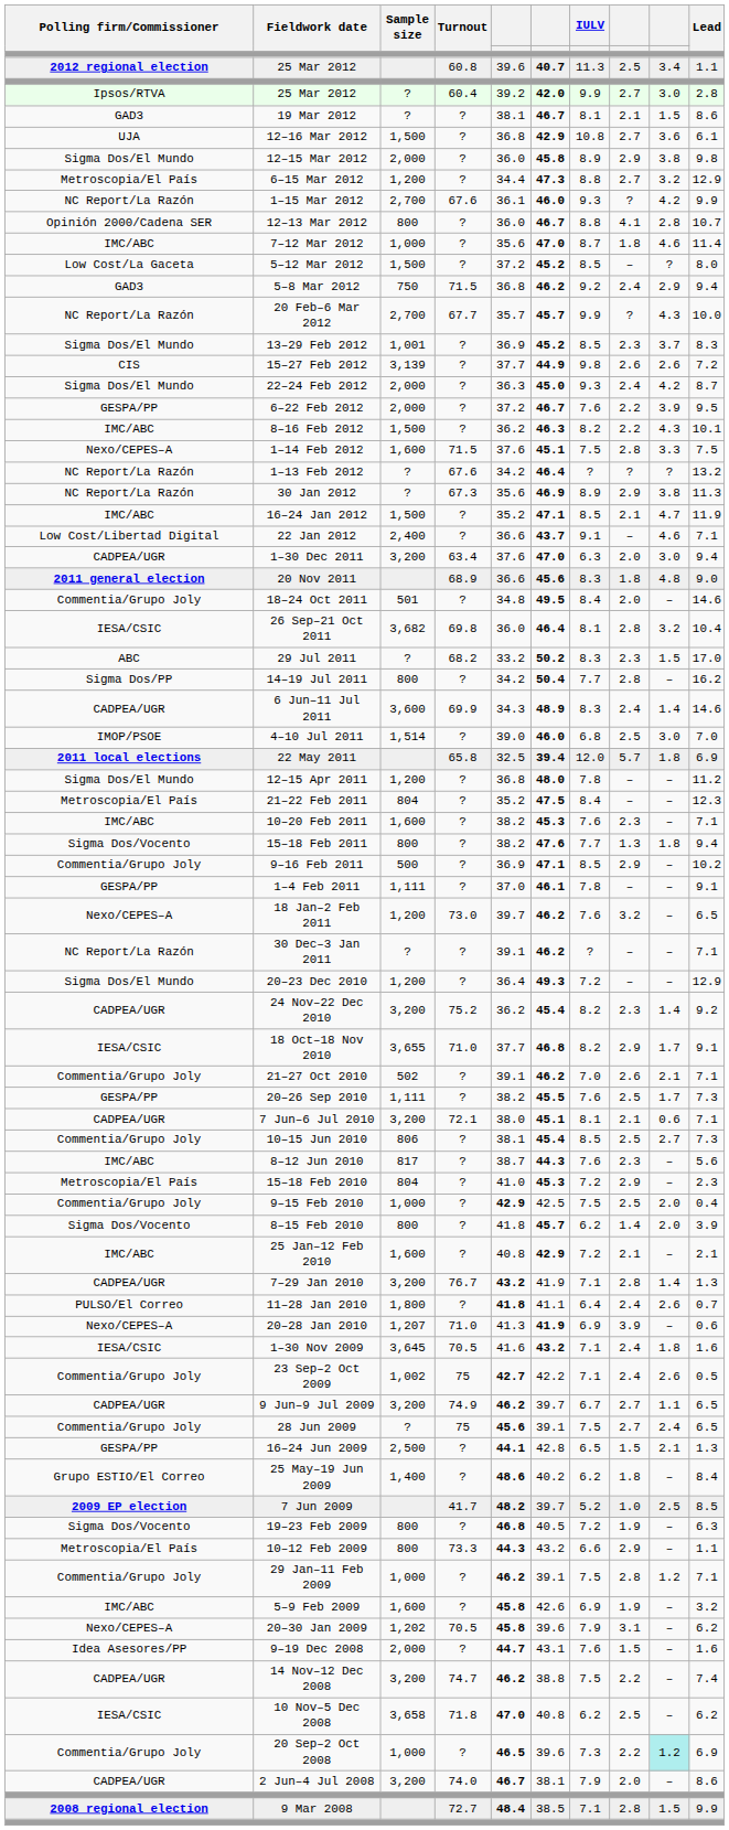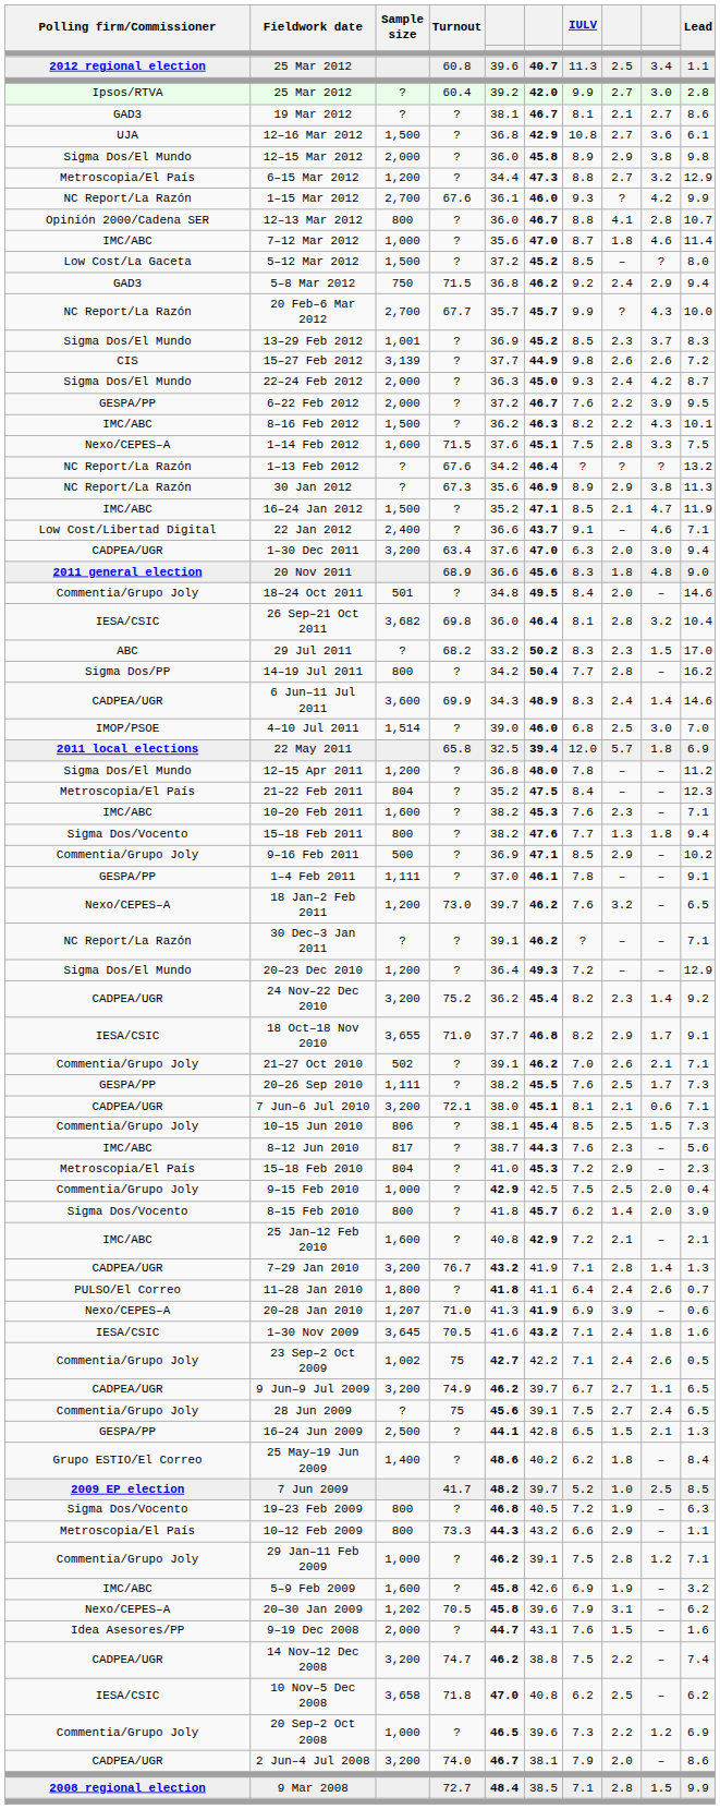 <table class="wikitable collapsible collapsed" style="text-align:center; font-size:95%; line-height:16px;">
 <tr style="height:42px;">
 <th style="width:250px;" rowspan="2">Polling firm/Commissioner</th>
 <th style="width:125px;" rowspan="2">Fieldwork date</th>
 <th style="width:50px;" rowspan="2">Sample size</th>
 <th style="width:45px;" rowspan="2">Turnout</th>
 <th style="width:35px;"></th>
 <th style="width:35px;"></th>
 <th style="width:35px;"><a href='#'>IULV</a></th>
 <th style="width:35px;"></th>
 <th style="width:35px;"></th>
 <th style="width:30px;" rowspan="2">Lead</th>
 </tr>
 <tr>
 <th style="color:inherit;background:"></th>
 <th style="color:inherit;background:"></th>
 <th style="color:inherit;background:"></th>
 <th style="color:inherit;background:"></th>
 <th style="color:inherit;background:"></th>
 </tr>
 <tr>
 <td colspan="10" style="background:#A0A0A0"></td>
 </tr>
 <tr style="background:#EFEFEF;">
 <td><strong><a href='#'>2012 regional election</a></strong></td>
 <td>25 Mar 2012</td>
 <td></td>
 <td>60.8</td>
 <td>39.6<br></td>
 <td><strong>40.7</strong><br></td>
 <td>11.3<br></td>
 <td>2.5<br></td>
 <td>3.4<br></td>
 <td style="background:">1.1</td>
 </tr>
 <tr>
 <td colspan="10" style="background:#A0A0A0"></td>
 </tr>
 <tr style="background:#EAFFEA;">
 <td>Ipsos/RTVA</td>
 <td>25 Mar 2012</td>
 <td>?</td>
 <td>60.4</td>
 <td>39.2<br></td>
 <td><strong>42.0</strong><br></td>
 <td>9.9<br></td>
 <td>2.7<br></td>
 <td>3.0<br></td>
 <td style="background:">2.8</td>
 </tr>
 <tr>
 <td>GAD3</td>
 <td>19 Mar 2012</td>
 <td>?</td>
 <td>?</td>
 <td>38.1<br></td>
 <td><strong>46.7</strong><br></td>
 <td>8.1<br></td>
 <td>2.1<br></td>
-<td>1.5</td>
+<td>2.7<br></td>
 <td style="background:">8.6</td>
 </tr>
 <tr>
 <td>UJA</td>
 <td>12–16 Mar 2012</td>
 <td>1,500</td>
 <td>?</td>
 <td>36.8<br></td>
 <td><strong>42.9</strong><br></td>
 <td>10.8<br></td>
 <td>2.7<br></td>
 <td>3.6<br></td>
 <td style="background:">6.1</td>
 </tr>
 <tr>
 <td>Sigma Dos/El Mundo</td>
 <td>12–15 Mar 2012</td>
 <td>2,000</td>
 <td>?</td>
 <td>36.0<br></td>
 <td><strong>45.8</strong><br></td>
 <td>8.9<br></td>
 <td>2.9<br></td>
 <td>3.8<br></td>
 <td style="background:">9.8</td>
 </tr>
 <tr>
 <td>Metroscopia/El País</td>
 <td>6–15 Mar 2012</td>
 <td>1,200</td>
 <td>?</td>
 <td>34.4<br></td>
 <td><strong>47.3</strong><br></td>
 <td>8.8<br></td>
 <td>2.7<br></td>
 <td>3.2<br></td>
 <td style="background:">12.9</td>
 </tr>
 <tr>
 <td>NC Report/La Razón</td>
 <td>1–15 Mar 2012</td>
 <td>2,700</td>
 <td>67.6</td>
 <td>36.1<br></td>
 <td><strong>46.0</strong><br></td>
 <td>9.3<br></td>
 <td>?<br></td>
 <td>4.2<br></td>
 <td style="background:">9.9</td>
 </tr>
 <tr>
 <td>Opinión 2000/Cadena SER</td>
 <td>12–13 Mar 2012</td>
 <td>800</td>
 <td>?</td>
 <td>36.0</td>
 <td><strong>46.7</strong></td>
 <td>8.8</td>
 <td>4.1</td>
 <td>2.8</td>
 <td style="background:">10.7</td>
 </tr>
 <tr>
 <td>IMC/ABC</td>
 <td>7–12 Mar 2012</td>
 <td>1,000</td>
 <td>?</td>
 <td>35.6<br></td>
 <td><strong>47.0</strong><br></td>
 <td>8.7<br></td>
 <td>1.8<br></td>
 <td>4.6<br></td>
 <td style="background:">11.4</td>
 </tr>
 <tr>
 <td>Low Cost/La Gaceta</td>
 <td>5–12 Mar 2012</td>
 <td>1,500</td>
 <td>?</td>
 <td>37.2<br></td>
 <td><strong>45.2</strong><br></td>
 <td>8.5<br></td>
 <td>–</td>
 <td>?<br></td>
 <td style="background:">8.0</td>
 </tr>
 <tr>
 <td>GAD3</td>
 <td>5–8 Mar 2012</td>
 <td>750</td>
 <td>71.5</td>
 <td>36.8<br></td>
 <td><strong>46.2</strong><br></td>
 <td>9.2<br></td>
 <td>2.4<br></td>
 <td>2.9<br></td>
 <td style="background:">9.4</td>
 </tr>
 <tr>
 <td>NC Report/La Razón</td>
 <td>20 Feb–6 Mar 2012</td>
 <td>2,700</td>
 <td>67.7</td>
 <td>35.7<br></td>
 <td><strong>45.7</strong><br></td>
 <td>9.9<br></td>
 <td>?<br></td>
 <td>4.3<br></td>
 <td style="background:">10.0</td>
 </tr>
 <tr>
 <td>Sigma Dos/El Mundo</td>
 <td>13–29 Feb 2012</td>
 <td>1,001</td>
 <td>?</td>
 <td>36.9<br></td>
 <td><strong>45.2</strong><br></td>
 <td>8.5<br></td>
 <td>2.3<br></td>
 <td>3.7<br></td>
 <td style="background:">8.3</td>
 </tr>
 <tr>
 <td>CIS</td>
 <td>15–27 Feb 2012</td>
 <td>3,139</td>
 <td>?</td>
 <td>37.7<br></td>
 <td><strong>44.9</strong><br></td>
 <td>9.8<br></td>
 <td>2.6<br></td>
 <td>2.6<br></td>
 <td style="background:">7.2</td>
 </tr>
 <tr>
 <td>Sigma Dos/El Mundo</td>
 <td>22–24 Feb 2012</td>
 <td>2,000</td>
 <td>?</td>
 <td>36.3<br></td>
 <td><strong>45.0</strong><br></td>
 <td>9.3<br></td>
 <td>2.4<br></td>
 <td>4.2<br></td>
 <td style="background:">8.7</td>
 </tr>
 <tr>
 <td>GESPA/PP</td>
 <td>6–22 Feb 2012</td>
 <td>2,000</td>
 <td>?</td>
 <td>37.2<br></td>
 <td><strong>46.7</strong><br></td>
 <td>7.6<br></td>
 <td>2.2<br></td>
 <td>3.9<br></td>
 <td style="background:">9.5</td>
 </tr>
 <tr>
 <td>IMC/ABC</td>
 <td>8–16 Feb 2012</td>
 <td>1,500</td>
 <td>?</td>
 <td>36.2<br></td>
 <td><strong>46.3</strong><br></td>
 <td>8.2<br></td>
 <td>2.2<br></td>
 <td>4.3<br></td>
 <td style="background:">10.1</td>
 </tr>
 <tr>
 <td>Nexo/CEPES–A</td>
 <td>1–14 Feb 2012</td>
 <td>1,600</td>
 <td>71.5</td>
 <td>37.6<br></td>
 <td><strong>45.1</strong><br></td>
 <td>7.5<br></td>
 <td>2.8<br></td>
 <td>3.3<br></td>
 <td style="background:">7.5</td>
 </tr>
 <tr>
 <td>NC Report/La Razón</td>
 <td>1–13 Feb 2012</td>
 <td>?</td>
 <td>67.6</td>
 <td>34.2<br></td>
 <td><strong>46.4</strong><br></td>
 <td>?<br></td>
 <td>?<br></td>
 <td>?<br></td>
 <td style="background:">13.2</td>
 </tr>
 <tr>
 <td>NC Report/La Razón</td>
 <td>30 Jan 2012</td>
 <td>?</td>
 <td>67.3</td>
 <td>35.6<br></td>
 <td><strong>46.9</strong><br></td>
 <td>8.9<br></td>
 <td>2.9<br></td>
 <td>3.8<br></td>
 <td style="background:">11.3</td>
 </tr>
 <tr>
 <td>IMC/ABC</td>
 <td>16–24 Jan 2012</td>
 <td>1,500</td>
 <td>?</td>
 <td>35.2</td>
 <td><strong>47.1</strong></td>
 <td>8.5</td>
 <td>2.1</td>
 <td>4.7</td>
 <td style="background:">11.9</td>
 </tr>
 <tr>
 <td>Low Cost/Libertad Digital</td>
 <td>22 Jan 2012</td>
 <td>2,400</td>
 <td>?</td>
 <td>36.6<br></td>
 <td><strong>43.7</strong><br></td>
 <td>9.1<br></td>
 <td>–</td>
 <td>4.6<br></td>
 <td style="background:">7.1</td>
 </tr>
 <tr>
 <td>CADPEA/UGR</td>
 <td>1–30 Dec 2011</td>
 <td>3,200</td>
 <td>63.4</td>
 <td>37.6<br></td>
 <td><strong>47.0</strong><br></td>
 <td>6.3<br></td>
 <td>2.0<br></td>
 <td>3.0<br></td>
 <td style="background:">9.4</td>
 </tr>
 <tr style="background:#EFEFEF;">
 <td><strong><a href='#'>2011 general election</a></strong></td>
 <td>20 Nov 2011</td>
 <td></td>
 <td>68.9</td>
 <td>36.6<br></td>
 <td><strong>45.6</strong><br></td>
 <td>8.3<br></td>
 <td>1.8<br></td>
 <td>4.8<br></td>
 <td style="background:">9.0</td>
 </tr>
 <tr>
 <td>Commentia/Grupo Joly</td>
 <td>18–24 Oct 2011</td>
 <td>501</td>
 <td>?</td>
 <td>34.8</td>
 <td><strong>49.5</strong></td>
 <td>8.4</td>
 <td>2.0</td>
 <td>–</td>
 <td style="background:">14.6</td>
 </tr>
 <tr>
 <td>IESA/CSIC</td>
 <td>26 Sep–21 Oct 2011</td>
 <td>3,682</td>
 <td>69.8</td>
 <td>36.0</td>
 <td><strong>46.4</strong></td>
 <td>8.1</td>
 <td>2.8</td>
 <td>3.2</td>
 <td style="background:">10.4</td>
 </tr>
 <tr>
 <td>ABC</td>
 <td>29 Jul 2011</td>
 <td>?</td>
 <td>68.2</td>
 <td>33.2</td>
 <td><strong>50.2</strong></td>
 <td>8.3</td>
 <td>2.3</td>
 <td>1.5</td>
 <td style="background:">17.0</td>
 </tr>
 <tr>
 <td>Sigma Dos/PP</td>
 <td>14–19 Jul 2011</td>
 <td>800</td>
 <td>?</td>
 <td>34.2</td>
 <td><strong>50.4</strong></td>
 <td>7.7</td>
 <td>2.8</td>
 <td>–</td>
 <td style="background:">16.2</td>
 </tr>
 <tr>
 <td>CADPEA/UGR</td>
 <td>6 Jun–11 Jul 2011</td>
 <td>3,600</td>
 <td>69.9</td>
 <td>34.3</td>
 <td><strong>48.9</strong></td>
 <td>8.3</td>
 <td>2.4</td>
 <td>1.4</td>
 <td style="background:">14.6</td>
 </tr>
 <tr>
 <td>IMOP/PSOE</td>
 <td>4–10 Jul 2011</td>
 <td>1,514</td>
 <td>?</td>
 <td>39.0</td>
 <td><strong>46.0</strong></td>
 <td>6.8</td>
 <td>2.5</td>
 <td>3.0</td>
 <td style="background:">7.0</td>
 </tr>
 <tr style="background:#EFEFEF;">
 <td><strong><a href='#'>2011 local elections</a></strong></td>
 <td>22 May 2011</td>
 <td></td>
 <td>65.8</td>
 <td>32.5</td>
 <td><strong>39.4</strong></td>
 <td>12.0</td>
 <td>5.7</td>
 <td>1.8</td>
 <td style="background:">6.9</td>
 </tr>
 <tr>
 <td>Sigma Dos/El Mundo</td>
 <td>12–15 Apr 2011</td>
 <td>1,200</td>
 <td>?</td>
 <td>36.8<br></td>
 <td><strong>48.0</strong><br></td>
 <td>7.8<br></td>
 <td>–</td>
 <td>–</td>
 <td style="background:">11.2</td>
 </tr>
 <tr>
 <td>Metroscopia/El País</td>
 <td>21–22 Feb 2011</td>
 <td>804</td>
 <td>?</td>
 <td>35.2<br></td>
 <td><strong>47.5</strong><br></td>
 <td>8.4<br></td>
 <td>–</td>
 <td>–</td>
 <td style="background:">12.3</td>
 </tr>
 <tr>
 <td>IMC/ABC</td>
 <td>10–20 Feb 2011</td>
 <td>1,600</td>
 <td>?</td>
 <td>38.2<br></td>
 <td><strong>45.3</strong><br></td>
 <td>7.6<br></td>
 <td>2.3<br></td>
 <td>–</td>
 <td style="background:">7.1</td>
 </tr>
 <tr>
 <td>Sigma Dos/Vocento</td>
 <td>15–18 Feb 2011</td>
 <td>800</td>
 <td>?</td>
 <td>38.2</td>
 <td><strong>47.6</strong></td>
 <td>7.7</td>
 <td>1.3</td>
 <td>1.8</td>
 <td style="background:">9.4</td>
 </tr>
 <tr>
 <td>Commentia/Grupo Joly</td>
 <td>9–16 Feb 2011</td>
 <td>500</td>
 <td>?</td>
 <td>36.9</td>
 <td><strong>47.1</strong></td>
 <td>8.5</td>
 <td>2.9</td>
 <td>–</td>
 <td style="background:">10.2</td>
 </tr>
 <tr>
 <td>GESPA/PP</td>
 <td>1–4 Feb 2011</td>
 <td>1,111</td>
 <td>?</td>
 <td>37.0<br></td>
 <td><strong>46.1</strong><br></td>
 <td>7.8<br></td>
 <td>–</td>
 <td>–</td>
 <td style="background:">9.1</td>
 </tr>
 <tr>
 <td>Nexo/CEPES–A</td>
 <td>18 Jan–2 Feb 2011</td>
 <td>1,200</td>
 <td>73.0</td>
 <td>39.7</td>
 <td><strong>46.2</strong></td>
 <td>7.6</td>
 <td>3.2</td>
 <td>–</td>
 <td style="background:">6.5</td>
 </tr>
 <tr>
 <td>NC Report/La Razón</td>
 <td>30 Dec–3 Jan 2011</td>
 <td>?</td>
 <td>?</td>
 <td>39.1<br></td>
 <td><strong>46.2</strong><br></td>
 <td>?<br></td>
 <td>–</td>
 <td>–</td>
 <td style="background:">7.1</td>
 </tr>
 <tr>
 <td>Sigma Dos/El Mundo</td>
 <td>20–23 Dec 2010</td>
 <td>1,200</td>
 <td>?</td>
 <td>36.4<br></td>
 <td><strong>49.3</strong><br></td>
 <td>7.2<br></td>
 <td>–</td>
 <td>–</td>
 <td style="background:">12.9</td>
 </tr>
 <tr>
 <td>CADPEA/UGR</td>
 <td>24 Nov–22 Dec 2010</td>
 <td>3,200</td>
 <td>75.2</td>
 <td>36.2</td>
 <td><strong>45.4</strong></td>
 <td>8.2</td>
 <td>2.3</td>
 <td>1.4</td>
 <td style="background:">9.2</td>
 </tr>
 <tr>
 <td>IESA/CSIC</td>
 <td>18 Oct–18 Nov 2010</td>
 <td>3,655</td>
 <td>71.0</td>
 <td>37.7<br></td>
 <td><strong>46.8</strong><br></td>
 <td>8.2<br></td>
 <td>2.9<br></td>
 <td>1.7<br></td>
 <td style="background:">9.1</td>
 </tr>
 <tr>
 <td>Commentia/Grupo Joly</td>
 <td>21–27 Oct 2010</td>
 <td>502</td>
 <td>?</td>
 <td>39.1</td>
 <td><strong>46.2</strong></td>
 <td>7.0</td>
 <td>2.6</td>
 <td>2.1</td>
 <td style="background:">7.1</td>
 </tr>
 <tr>
 <td>GESPA/PP</td>
 <td>20–26 Sep 2010</td>
 <td>1,111</td>
 <td>?</td>
 <td>38.2<br></td>
 <td><strong>45.5</strong><br></td>
 <td>7.6<br></td>
 <td>2.5<br></td>
 <td>1.7<br></td>
 <td style="background:">7.3</td>
 </tr>
 <tr>
 <td>CADPEA/UGR</td>
 <td>7 Jun–6 Jul 2010</td>
 <td>3,200</td>
 <td>72.1</td>
 <td>38.0</td>
 <td><strong>45.1</strong></td>
 <td>8.1</td>
 <td>2.1</td>
 <td>0.6<br></td>
 <td style="background:">7.1</td>
 </tr>
 <tr>
 <td>Commentia/Grupo Joly</td>
 <td>10–15 Jun 2010</td>
 <td>806</td>
 <td>?</td>
 <td>38.1</td>
 <td><strong>45.4</strong></td>
 <td>8.5</td>
 <td>2.5</td>
-<td>2.7<br></td>
+<td>1.5</td>
 <td style="background:">7.3</td>
 </tr>
 <tr>
 <td>IMC/ABC</td>
 <td>8–12 Jun 2010</td>
 <td>817</td>
 <td>?</td>
 <td>38.7<br></td>
 <td><strong>44.3</strong><br></td>
 <td>7.6<br></td>
 <td>2.3<br></td>
 <td>–</td>
 <td style="background:">5.6</td>
 </tr>
 <tr>
 <td>Metroscopia/El País</td>
 <td>15–18 Feb 2010</td>
 <td>804</td>
 <td>?</td>
 <td>41.0<br></td>
 <td><strong>45.3</strong><br></td>
 <td>7.2<br></td>
 <td>2.9<br></td>
 <td>–</td>
 <td style="background:">2.3</td>
 </tr>
 <tr>
 <td>Commentia/Grupo Joly</td>
 <td>9–15 Feb 2010</td>
 <td>1,000</td>
 <td>?</td>
 <td><strong>42.9</strong></td>
 <td>42.5</td>
 <td>7.5</td>
 <td>2.5</td>
 <td>2.0</td>
 <td style="background:">0.4</td>
 </tr>
 <tr>
 <td>Sigma Dos/Vocento</td>
 <td>8–15 Feb 2010</td>
 <td>800</td>
 <td>?</td>
 <td>41.8</td>
 <td><strong>45.7</strong></td>
 <td>6.2</td>
 <td>1.4</td>
 <td>2.0</td>
 <td style="background:">3.9</td>
 </tr>
 <tr>
 <td>IMC/ABC</td>
 <td>25 Jan–12 Feb 2010</td>
 <td>1,600</td>
 <td>?</td>
 <td>40.8<br></td>
 <td><strong>42.9</strong><br></td>
 <td>7.2<br></td>
 <td>2.1<br></td>
 <td>–</td>
 <td style="background:">2.1</td>
 </tr>
 <tr>
 <td>CADPEA/UGR</td>
 <td>7–29 Jan 2010</td>
 <td>3,200</td>
 <td>76.7</td>
 <td><strong>43.2</strong></td>
 <td>41.9</td>
 <td>7.1</td>
 <td>2.8</td>
 <td>1.4</td>
 <td style="background:">1.3</td>
 </tr>
 <tr>
 <td>PULSO/El Correo</td>
 <td>11–28 Jan 2010</td>
 <td>1,800</td>
 <td>?</td>
 <td><strong>41.8</strong></td>
 <td>41.1</td>
 <td>6.4</td>
 <td>2.4</td>
 <td>2.6</td>
 <td style="background:">0.7</td>
 </tr>
 <tr>
 <td>Nexo/CEPES–A</td>
 <td>20–28 Jan 2010</td>
 <td>1,207</td>
 <td>71.0</td>
 <td>41.3</td>
 <td><strong>41.9</strong></td>
 <td>6.9</td>
 <td>3.9</td>
 <td>–</td>
 <td style="background:">0.6</td>
 </tr>
 <tr>
 <td>IESA/CSIC</td>
 <td>1–30 Nov 2009</td>
 <td>3,645</td>
 <td>70.5</td>
 <td>41.6</td>
 <td><strong>43.2</strong></td>
 <td>7.1</td>
 <td>2.4</td>
 <td>1.8</td>
 <td style="background:">1.6</td>
 </tr>
 <tr>
 <td>Commentia/Grupo Joly</td>
 <td>23 Sep–2 Oct 2009</td>
 <td>1,002</td>
 <td>75</td>
 <td><strong>42.7</strong></td>
 <td>42.2</td>
 <td>7.1</td>
 <td>2.4</td>
 <td>2.6</td>
 <td style="background:">0.5</td>
 </tr>
 <tr>
 <td>CADPEA/UGR</td>
 <td>9 Jun–9 Jul 2009</td>
 <td>3,200</td>
 <td>74.9</td>
 <td><strong>46.2</strong></td>
 <td>39.7</td>
 <td>6.7</td>
 <td>2.7</td>
 <td>1.1</td>
 <td style="background:">6.5</td>
 </tr>
 <tr>
 <td>Commentia/Grupo Joly</td>
 <td>28 Jun 2009</td>
 <td>?</td>
 <td>75</td>
 <td><strong>45.6</strong></td>
 <td>39.1</td>
 <td>7.5</td>
 <td>2.7</td>
 <td>2.4</td>
 <td style="background:">6.5</td>
 </tr>
 <tr>
 <td>GESPA/PP</td>
 <td>16–24 Jun 2009</td>
 <td>2,500</td>
 <td>?</td>
 <td><strong>44.1</strong></td>
 <td>42.8</td>
 <td>6.5</td>
 <td>1.5</td>
 <td>2.1</td>
 <td style="background:">1.3</td>
 </tr>
 <tr>
 <td>Grupo ESTIO/El Correo</td>
 <td>25 May–19 Jun 2009</td>
 <td>1,400</td>
 <td>?</td>
 <td><strong>48.6</strong></td>
 <td>40.2</td>
 <td>6.2</td>
 <td>1.8</td>
 <td>–</td>
 <td style="background:">8.4</td>
 </tr>
 <tr style="background:#EFEFEF;">
 <td><strong><a href='#'>2009 EP election</a></strong></td>
 <td>7 Jun 2009</td>
 <td></td>
 <td>41.7</td>
 <td><strong>48.2</strong><br></td>
 <td>39.7<br></td>
 <td>5.2<br></td>
 <td>1.0<br></td>
 <td>2.5<br></td>
 <td style="background:">8.5</td>
 </tr>
 <tr>
 <td>Sigma Dos/Vocento</td>
 <td>19–23 Feb 2009</td>
 <td>800</td>
 <td>?</td>
 <td><strong>46.8</strong></td>
 <td>40.5</td>
 <td>7.2</td>
 <td>1.9</td>
 <td>–</td>
 <td style="background:">6.3</td>
 </tr>
 <tr>
 <td>Metroscopia/El País</td>
 <td>10–12 Feb 2009</td>
 <td>800</td>
 <td>73.3</td>
 <td><strong>44.3</strong><br></td>
 <td>43.2<br></td>
 <td>6.6<br></td>
 <td>2.9<br></td>
 <td>–</td>
 <td style="background:">1.1</td>
 </tr>
 <tr>
 <td>Commentia/Grupo Joly</td>
 <td>29 Jan–11 Feb 2009</td>
 <td>1,000</td>
 <td>?</td>
 <td><strong>46.2</strong></td>
 <td>39.1</td>
 <td>7.5</td>
 <td>2.8</td>
 <td>1.2</td>
 <td style="background:">7.1</td>
 </tr>
 <tr>
 <td>IMC/ABC</td>
 <td>5–9 Feb 2009</td>
 <td>1,600</td>
 <td>?</td>
 <td><strong>45.8</strong><br></td>
 <td>42.6<br></td>
 <td>6.9<br></td>
 <td>1.9<br></td>
 <td>–</td>
 <td style="background:">3.2</td>
 </tr>
 <tr>
 <td>Nexo/CEPES–A</td>
 <td>20–30 Jan 2009</td>
 <td>1,202</td>
 <td>70.5</td>
 <td><strong>45.8</strong></td>
 <td>39.6</td>
 <td>7.9</td>
 <td>3.1</td>
 <td>–</td>
 <td style="background:">6.2</td>
 </tr>
 <tr>
 <td>Idea Asesores/PP</td>
 <td>9–19 Dec 2008</td>
 <td>2,000</td>
 <td>?</td>
 <td><strong>44.7</strong><br></td>
 <td>43.1<br></td>
 <td>7.6<br></td>
 <td>1.5<br></td>
 <td>–</td>
 <td style="background:">1.6</td>
 </tr>
 <tr>
 <td>CADPEA/UGR</td>
 <td>14 Nov–12 Dec 2008</td>
 <td>3,200</td>
 <td>74.7</td>
 <td><strong>46.2</strong></td>
 <td>38.8</td>
 <td>7.5</td>
 <td>2.2</td>
 <td>–</td>
 <td style="background:">7.4</td>
 </tr>
 <tr>
 <td>IESA/CSIC</td>
 <td>10 Nov–5 Dec 2008</td>
 <td>3,658</td>
 <td>71.8</td>
 <td><strong>47.0</strong></td>
 <td>40.8</td>
 <td>6.2</td>
 <td>2.5</td>
 <td>–</td>
 <td style="background:">6.2</td>
 </tr>
 <tr>
 <td>Commentia/Grupo Joly</td>
 <td>20 Sep–2 Oct 2008</td>
 <td>1,000</td>
 <td>?</td>
 <td><strong>46.5</strong></td>
 <td>39.6</td>
 <td>7.3</td>
 <td>2.2</td>
-<td style="background: paleturquoise;">1.2</td>
+<td>1.2</td>
 <td style="background:">6.9</td>
 </tr>
 <tr>
 <td>CADPEA/UGR</td>
 <td>2 Jun–4 Jul 2008</td>
 <td>3,200</td>
 <td>74.0</td>
 <td><strong>46.7</strong></td>
 <td>38.1</td>
 <td>7.9</td>
 <td>2.0</td>
 <td>–</td>
 <td style="background:">8.6</td>
 </tr>
 <tr>
 <td colspan="10" style="background:#A0A0A0"></td>
 </tr>
 <tr style="background:#EFEFEF;">
 <td><strong><a href='#'>2008 regional election</a></strong></td>
 <td>9 Mar 2008</td>
 <td></td>
 <td>72.7</td>
 <td><strong>48.4</strong><br></td>
 <td>38.5<br></td>
 <td>7.1<br></td>
 <td>2.8<br></td>
 <td>1.5</td>
 <td style="background:">9.9</td>
 </tr>
 <tr>
 <td colspan="10" style="background:#A0A0A0"></td>
 </tr>
 </table>
